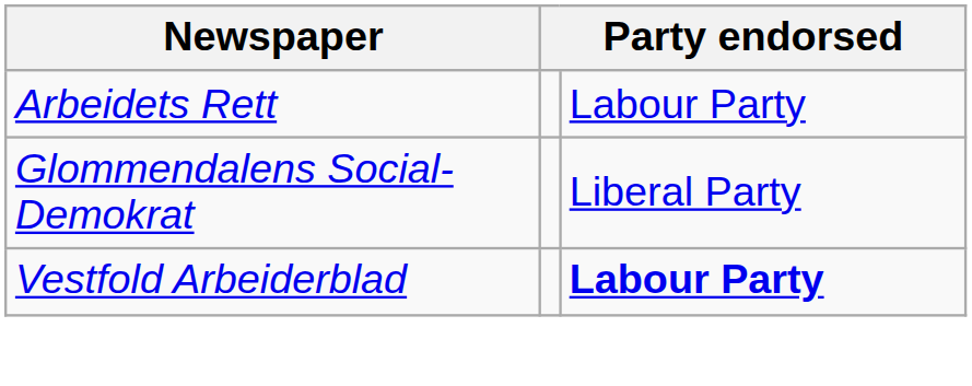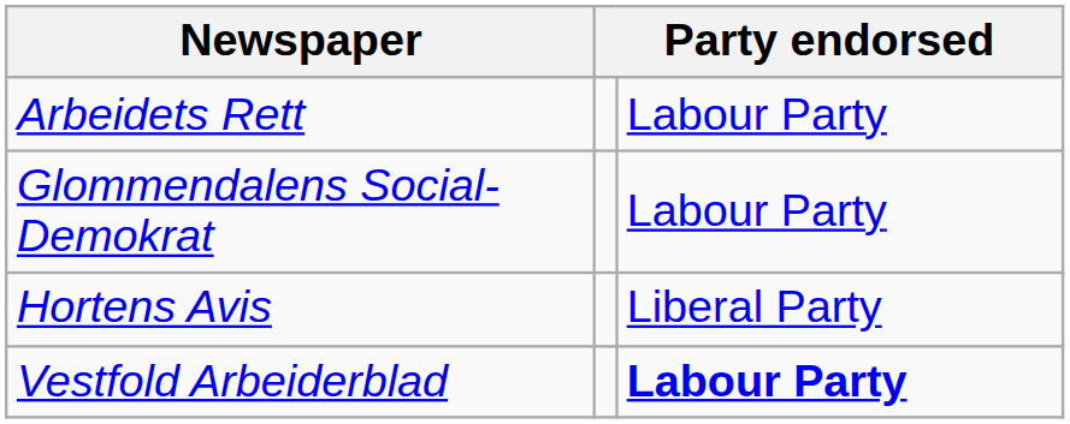 <table class="wikitable">
 <tr>
 <th width=200px>Newspaper</th>
 <th colspan=2>Party endorsed</th>
 </tr>
 <tr>
 <td><em><a href='#'>Arbeidets Rett</a></em></td>
 <td style="background-color: "></td>
 <td width=150px><a href='#'>Labour Party</a></td>
 </tr>
 <tr>
 <td><em><a href='#'>Glommendalens Social-Demokrat</a></em></td>
 <td style="background-color: "></td>
+<td width="150px"><a href='#'>Labour Party</a></td>
+</tr>
+<tr>
+<td><em><a href='#'>Hortens Avis</a></em></td>
+<td style="background-color: "></td>
 <td width=150px><a href='#'>Liberal Party</a></td>
 </tr>
 <tr>
 <td><em><a href='#'>Vestfold Arbeiderblad</a></em></td>
 <td style="background-color: "></td>
 <td width=150px><strong><a href='#'>Labour Party</a></strong></td>
 </tr>
 </table>
